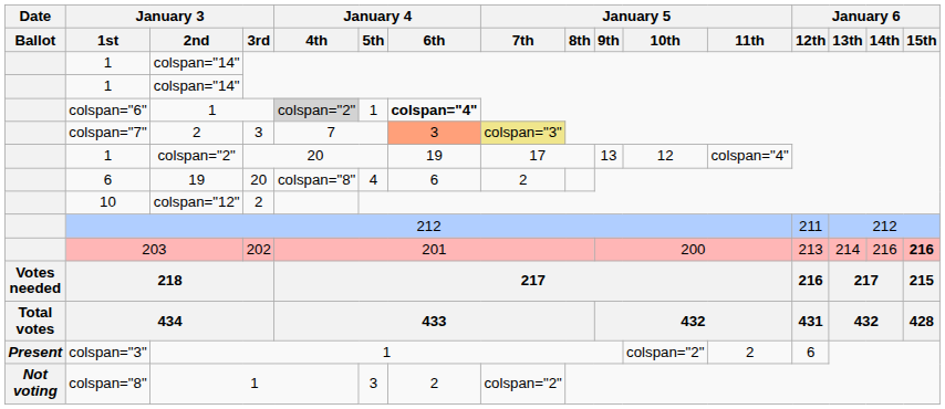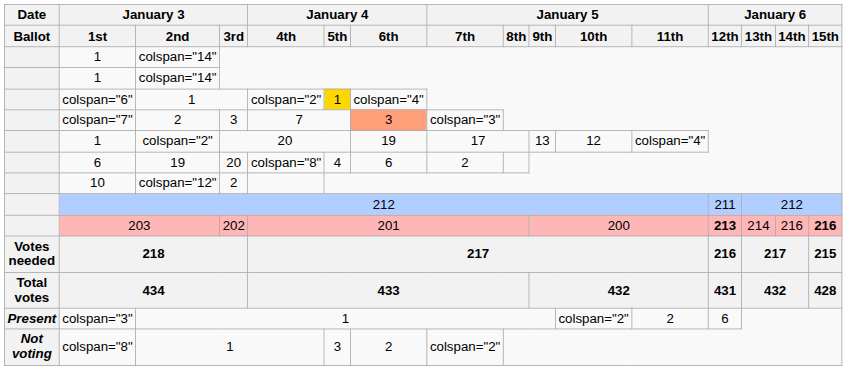 <table class="wikitable sortable plainrowheaders" style="text-align:center">
 <tr>
 <th scope="col">Date</th>
 <th scope="col" colspan="3">January 3</th>
 <th scope="col" colspan="3">January 4</th>
 <th scope="col" colspan="5">January 5</th>
 <th scope="col" colspan="4">January 6</th>
 </tr>
 <tr>
 <th>Ballot</th>
 <th>1st</th>
 <th>2nd</th>
 <th>3rd</th>
 <th>4th</th>
 <th>5th</th>
 <th>6th</th>
 <th>7th</th>
 <th>8th</th>
 <th>9th</th>
 <th>10th</th>
 <th>11th</th>
 <th>12th</th>
 <th>13th</th>
 <th>14th</th>
 <th>15th</th>
 </tr>
 <tr>
 <th scope="row"></th>
 <td>1</td>
 <td>colspan="14" </td>
 </tr>
 <tr>
 <th scope="row"></th>
 <td>1</td>
 <td>colspan="14" </td>
 </tr>
 <tr>
 <th scope="row"></th>
 <td>colspan="6" </td>
 <td colspan="2">1</td>
-<td style="background: lightgrey;">colspan="2" </td>
-<td>1</td>
-<td><strong>colspan="4" </strong></td>
+<td>colspan="2" </td>
+<td style="background: gold;">1</td>
+<td>colspan="4" </td>
 </tr>
 <tr>
 <th scope="row"></th>
 <td>colspan="7" </td>
 <td>2</td>
 <td>3</td>
 <td colspan="2">7</td>
 <td style="background: lightsalmon;">3</td>
-<td style="background: khaki;">colspan="3" </td>
+<td>colspan="3" </td>
 </tr>
 <tr>
 <th scope="row"></th>
 <td>1</td>
 <td>colspan="2" </td>
 <td colspan="3">20</td>
 <td>19</td>
 <td colspan="2">17</td>
 <td>13</td>
 <td>12</td>
 <td>colspan="4" </td>
 </tr>
 <tr>
 <th scope="row"></th>
 <td>6</td>
 <td>19</td>
 <td>20</td>
 <td>colspan="8" </td>
 <td>4</td>
 <td>6</td>
 <td>2</td>
 <td></td>
 </tr>
 <tr>
 <th scope="row"></th>
 <td>10</td>
 <td>colspan="12" </td>
 <td>2</td>
 <td></td>
 </tr>
 <tr>
 <th scope="row" nowrap></th>
 <td style="background:#B0CEFF" colspan="11">212</td>
 <td style="background:#B0CEFF">211</td>
 <td style="background:#B0CEFF" colspan="3">212</td>
 </tr>
 <tr>
 <th scope="row"></th>
 <td colspan="2" style="background:#ffb6b6;">203</td>
 <td style="background:#ffb6b6;">202</td>
 <td colspan="5" style="background:#ffb6b6;">201</td>
 <td colspan="3" style="background:#ffb6b6;">200</td>
-<td style="background:#ffb6b6;">213</td>
+<td style="background:#ffb6b6;"><strong>213</strong></td>
 <td style="background:#ffb6b6;">214</td>
 <td style="background:#ffb6b6;">216</td>
 <td style="background:#ffb6b6;"><strong>216</strong></td>
 </tr>
 <tr class="sortbottom">
 <th>Votes needed</th>
 <th colspan="3">218</th>
 <th colspan="8">217</th>
 <th>216</th>
 <th colspan="2">217</th>
 <th>215</th>
 </tr>
 <tr class="sortbottom">
 <th>Total votes</th>
 <th colspan="3">434</th>
 <th colspan="5">433</th>
 <th colspan="3">432</th>
 <th>431</th>
 <th colspan="2">432</th>
 <th>428</th>
 </tr>
 <tr class="sortbottom">
 <th><em>Present</em></th>
 <td>colspan="3" </td>
 <td colspan="8">1</td>
 <td>colspan="2" </td>
 <td>2</td>
 <td>6</td>
 </tr>
 <tr class="sortbottom">
 <th><em>Not voting</em></th>
 <td>colspan="8" </td>
 <td colspan="3">1</td>
 <td nowrap>3</td>
 <td>2</td>
 <td>colspan="2" </td>
 </tr>
 </table>
